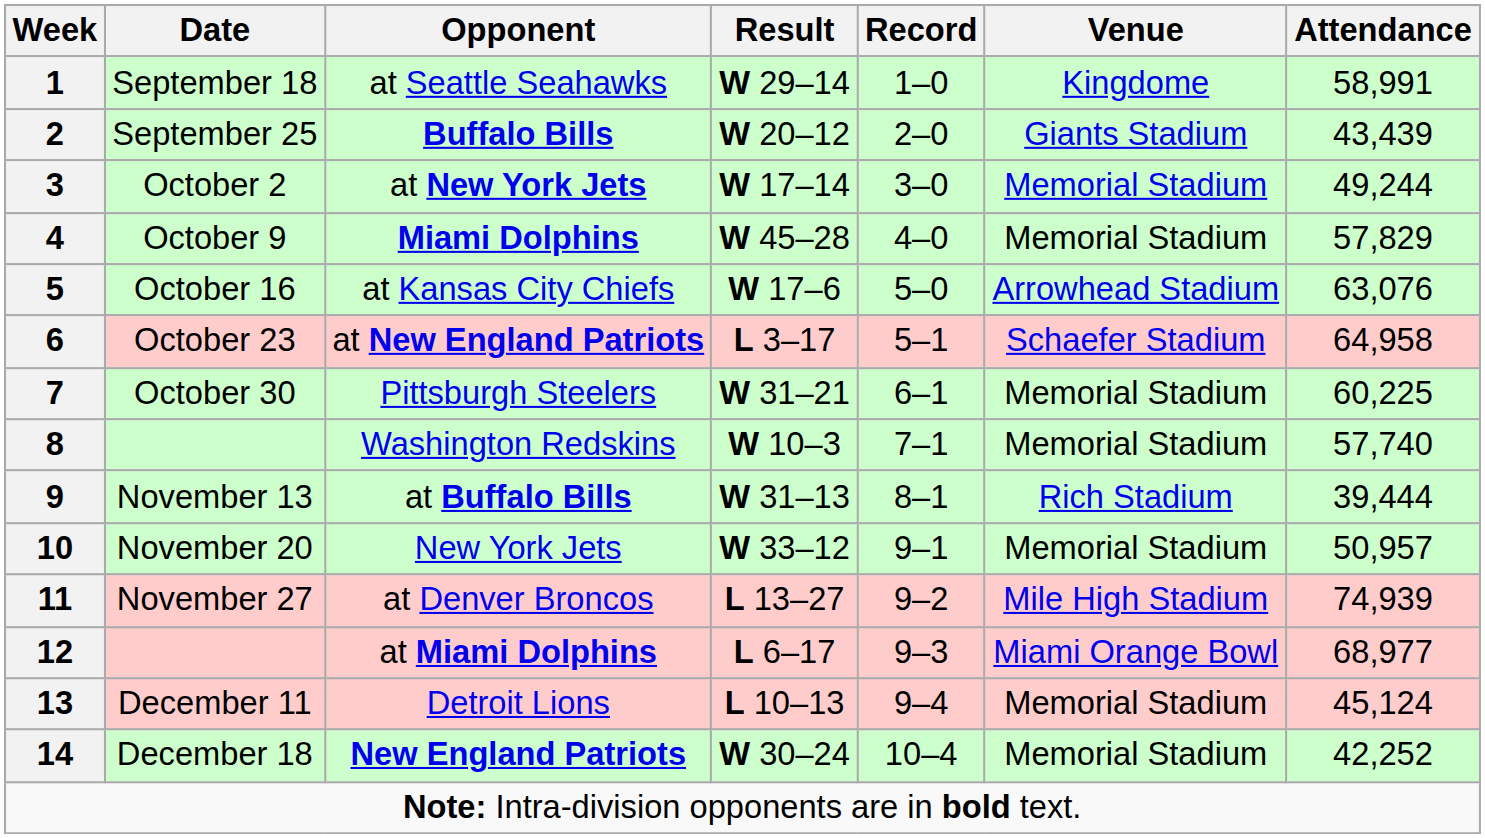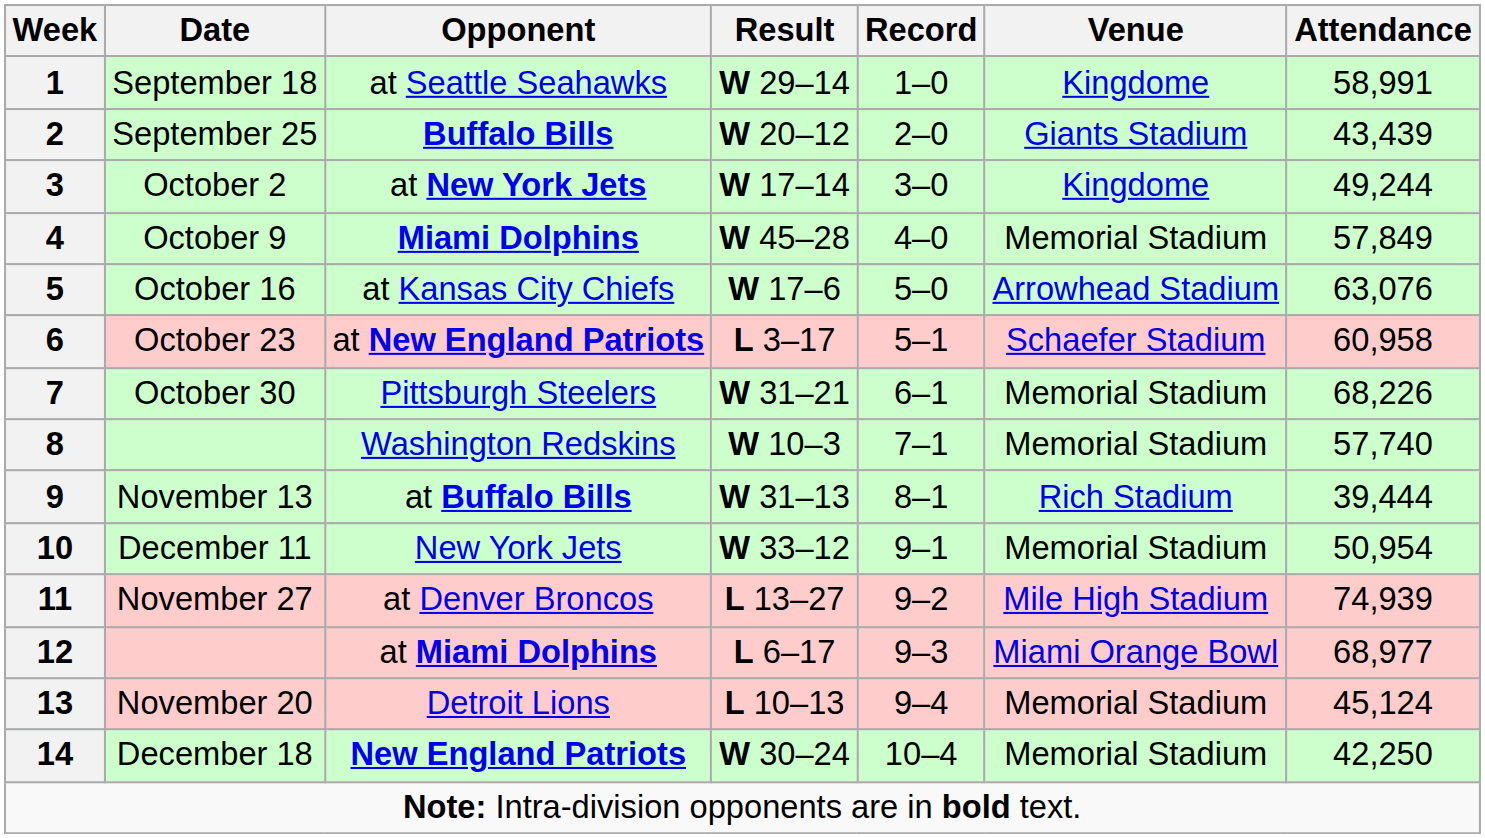 <table class="wikitable" style="text-align:center">
 <tr>
 <th>Week</th>
 <th>Date</th>
 <th>Opponent</th>
 <th>Result</th>
 <th>Record</th>
 <th>Venue</th>
 <th>Attendance</th>
 </tr>
 <tr style="background:#cfc">
 <th>1</th>
 <td>September 18</td>
 <td>at <a href='#'>Seattle Seahawks</a></td>
 <td><strong>W</strong> 29–14</td>
 <td>1–0</td>
 <td><a href='#'>Kingdome</a></td>
 <td>58,991</td>
 </tr>
 <tr style="background:#cfc">
 <th>2</th>
 <td>September 25</td>
 <td><strong><a href='#'>Buffalo Bills</a></strong></td>
 <td><strong>W</strong> 20–12</td>
 <td>2–0</td>
 <td><a href='#'>Giants Stadium</a></td>
 <td>43,439</td>
 </tr>
 <tr style="background:#cfc">
 <th>3</th>
 <td>October 2</td>
 <td>at <strong><a href='#'>New York Jets</a></strong></td>
 <td><strong>W</strong> 17–14</td>
 <td>3–0</td>
-<td><a href='#'>Memorial Stadium</a></td>
+<td><a href='#'>Kingdome</a></td>
 <td>49,244</td>
 </tr>
 <tr style="background:#cfc">
 <th>4</th>
 <td>October 9</td>
 <td><strong><a href='#'>Miami Dolphins</a></strong></td>
 <td><strong>W</strong> 45–28</td>
 <td>4–0</td>
 <td>Memorial Stadium</td>
-<td>57,829</td>
+<td>57,849</td>
 </tr>
 <tr style="background:#cfc">
 <th>5</th>
 <td>October 16</td>
 <td>at <a href='#'>Kansas City Chiefs</a></td>
 <td><strong>W</strong> 17–6</td>
 <td>5–0</td>
 <td><a href='#'>Arrowhead Stadium</a></td>
 <td>63,076</td>
 </tr>
 <tr style="background:#fcc">
 <th>6</th>
 <td>October 23</td>
 <td>at <strong><a href='#'>New England Patriots</a></strong></td>
 <td><strong>L</strong> 3–17</td>
 <td>5–1</td>
 <td><a href='#'>Schaefer Stadium</a></td>
-<td>64,958</td>
+<td>60,958</td>
 </tr>
 <tr style="background:#cfc">
 <th>7</th>
 <td>October 30</td>
 <td><a href='#'>Pittsburgh Steelers</a></td>
 <td><strong>W</strong> 31–21</td>
 <td>6–1</td>
 <td>Memorial Stadium</td>
-<td>60,225</td>
+<td>68,226</td>
 </tr>
 <tr style="background:#cfc">
 <th>8</th>
 <td></td>
 <td><a href='#'>Washington Redskins</a></td>
 <td><strong>W</strong> 10–3</td>
 <td>7–1</td>
 <td>Memorial Stadium</td>
 <td>57,740</td>
 </tr>
 <tr style="background:#cfc">
 <th>9</th>
 <td>November 13</td>
 <td>at <strong><a href='#'>Buffalo Bills</a></strong></td>
 <td><strong>W</strong> 31–13</td>
 <td>8–1</td>
 <td><a href='#'>Rich Stadium</a></td>
 <td>39,444</td>
 </tr>
 <tr style="background:#cfc">
 <th>10</th>
-<td>November 20</td>
+<td>December 11</td>
 <td><a href='#'>New York Jets</a></td>
 <td><strong>W</strong> 33–12</td>
 <td>9–1</td>
 <td>Memorial Stadium</td>
-<td>50,957</td>
+<td>50,954</td>
 </tr>
 <tr style="background:#fcc">
 <th>11</th>
 <td>November 27</td>
 <td>at <a href='#'>Denver Broncos</a></td>
 <td><strong>L</strong> 13–27</td>
 <td>9–2</td>
 <td><a href='#'>Mile High Stadium</a></td>
 <td>74,939</td>
 </tr>
 <tr style="background:#fcc">
 <th>12</th>
 <td></td>
 <td>at <strong><a href='#'>Miami Dolphins</a></strong></td>
 <td><strong>L</strong> 6–17</td>
 <td>9–3</td>
 <td><a href='#'>Miami Orange Bowl</a></td>
 <td>68,977</td>
 </tr>
 <tr style="background:#fcc">
 <th>13</th>
-<td>December 11</td>
+<td>November 20</td>
 <td><a href='#'>Detroit Lions</a></td>
 <td><strong>L</strong> 10–13</td>
 <td>9–4</td>
 <td>Memorial Stadium</td>
 <td>45,124</td>
 </tr>
 <tr style="background:#cfc">
 <th>14</th>
 <td>December 18</td>
 <td><strong><a href='#'>New England Patriots</a></strong></td>
 <td><strong>W</strong> 30–24</td>
 <td>10–4</td>
 <td>Memorial Stadium</td>
-<td>42,252</td>
+<td>42,250</td>
 </tr>
 <tr>
 <td colspan="8"><strong>Note:</strong> Intra-division opponents are in <strong>bold</strong> text.</td>
 </tr>
 </table>
